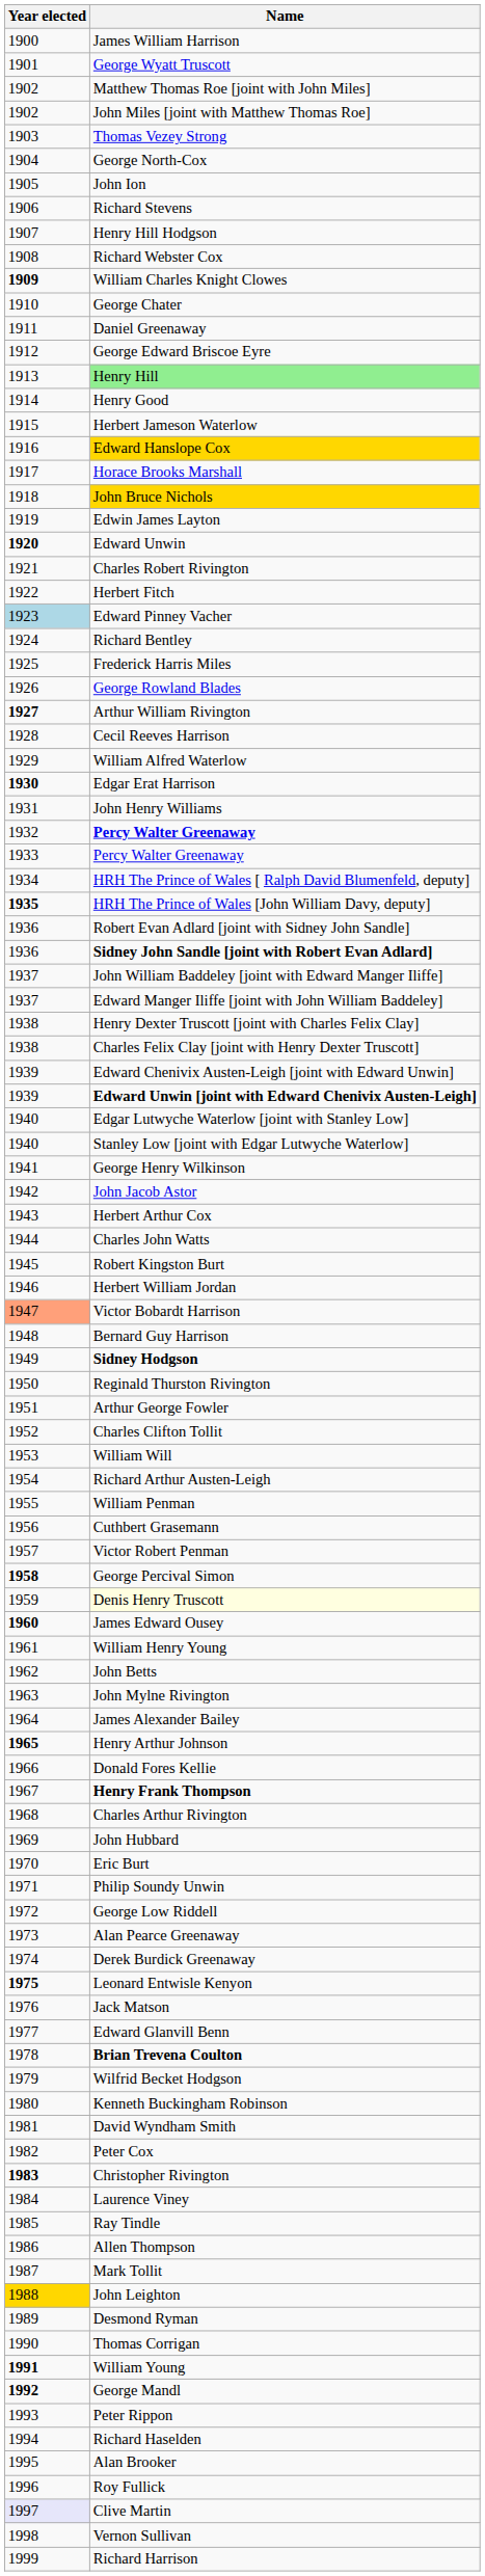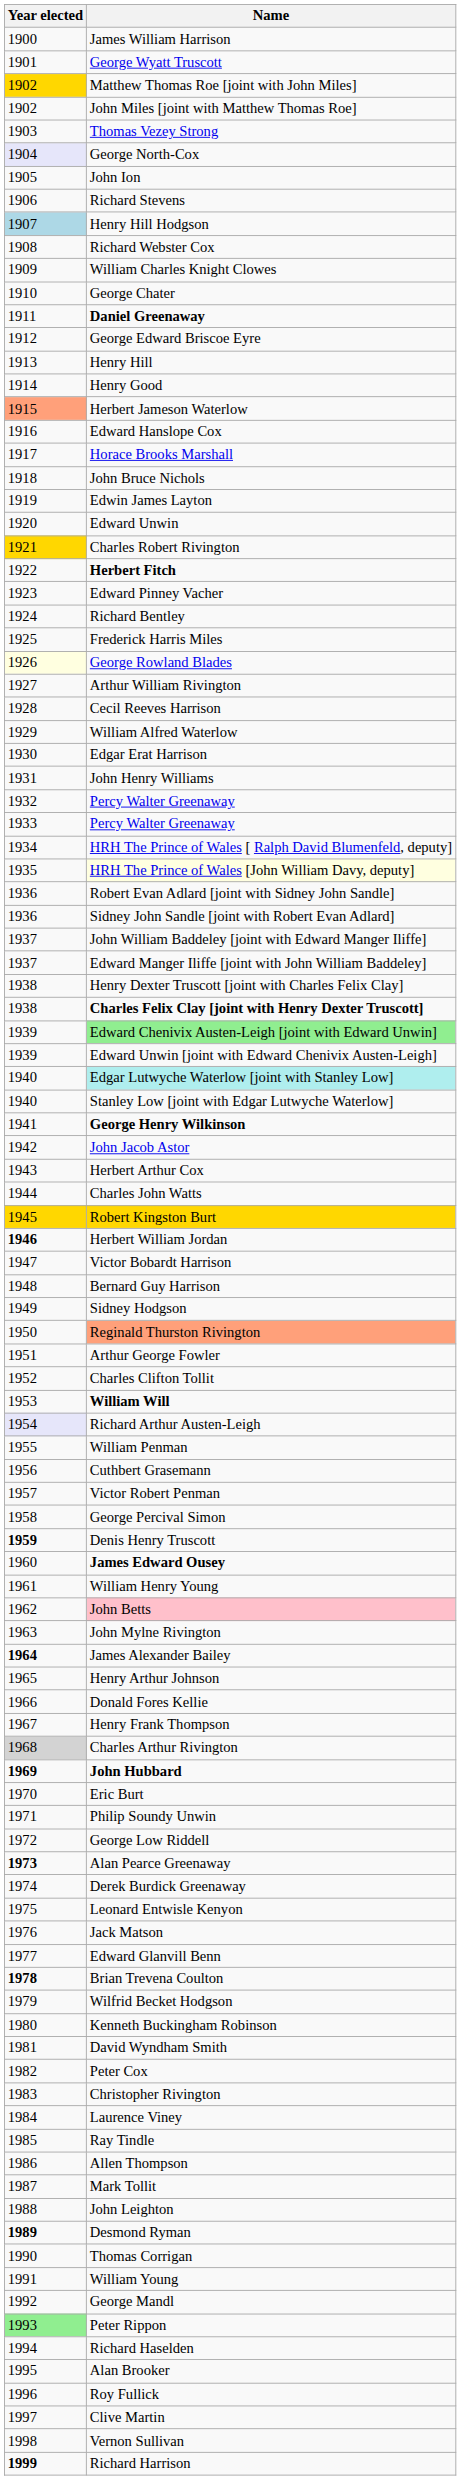 <table class="wikitable sortable">
 <tr>
 <th>Year elected</th>
 <th>Name</th>
 </tr>
 <tr>
 <td>1900</td>
 <td>James William Harrison</td>
 </tr>
 <tr>
 <td>1901</td>
 <td><a href='#'>George Wyatt Truscott</a></td>
 </tr>
 <tr>
-<td>1902</td>
+<td style="background: gold;">1902</td>
 <td>Matthew Thomas Roe [joint with John Miles]</td>
 </tr>
 <tr>
 <td>1902</td>
 <td>John Miles [joint with Matthew Thomas Roe]</td>
 </tr>
 <tr>
 <td>1903</td>
 <td><a href='#'>Thomas Vezey Strong</a></td>
 </tr>
 <tr>
-<td>1904</td>
+<td style="background: lavender;">1904</td>
 <td>George North-Cox</td>
 </tr>
 <tr>
 <td>1905</td>
 <td>John Ion</td>
 </tr>
 <tr>
 <td>1906</td>
 <td>Richard Stevens</td>
 </tr>
 <tr>
-<td>1907</td>
+<td style="background: lightblue;">1907</td>
 <td>Henry Hill Hodgson</td>
 </tr>
 <tr>
 <td>1908</td>
 <td>Richard Webster Cox</td>
 </tr>
 <tr>
-<td><strong>1909</strong></td>
+<td>1909</td>
 <td>William Charles Knight Clowes</td>
 </tr>
 <tr>
 <td>1910</td>
 <td>George Chater</td>
 </tr>
 <tr>
 <td>1911</td>
-<td>Daniel Greenaway</td>
+<td><strong>Daniel Greenaway</strong></td>
 </tr>
 <tr>
 <td>1912</td>
 <td>George Edward Briscoe Eyre</td>
 </tr>
 <tr>
 <td>1913</td>
-<td style="background: lightgreen;">Henry Hill</td>
+<td>Henry Hill</td>
 </tr>
 <tr>
 <td>1914</td>
 <td>Henry Good</td>
 </tr>
 <tr>
-<td>1915</td>
+<td style="background: lightsalmon;">1915</td>
 <td>Herbert Jameson Waterlow</td>
 </tr>
 <tr>
 <td>1916</td>
-<td style="background: gold;">Edward Hanslope Cox</td>
+<td>Edward Hanslope Cox</td>
 </tr>
 <tr>
 <td>1917</td>
 <td><a href='#'>Horace Brooks Marshall</a></td>
 </tr>
 <tr>
 <td>1918</td>
-<td style="background: gold;">John Bruce Nichols</td>
+<td>John Bruce Nichols</td>
 </tr>
 <tr>
 <td>1919</td>
 <td>Edwin James Layton</td>
 </tr>
 <tr>
-<td><strong>1920</strong></td>
+<td>1920</td>
 <td>Edward Unwin</td>
 </tr>
 <tr>
-<td>1921</td>
+<td style="background: gold;">1921</td>
 <td>Charles Robert Rivington</td>
 </tr>
 <tr>
 <td>1922</td>
-<td>Herbert Fitch</td>
+<td><strong>Herbert Fitch</strong></td>
 </tr>
 <tr>
-<td style="background: lightblue;">1923</td>
+<td>1923</td>
 <td>Edward Pinney Vacher</td>
 </tr>
 <tr>
 <td>1924</td>
 <td>Richard Bentley</td>
 </tr>
 <tr>
 <td>1925</td>
 <td>Frederick Harris Miles</td>
 </tr>
 <tr>
-<td>1926</td>
+<td style="background: lightyellow;">1926</td>
 <td><a href='#'>George Rowland Blades</a></td>
 </tr>
 <tr>
-<td><strong>1927</strong></td>
+<td>1927</td>
 <td>Arthur William Rivington</td>
 </tr>
 <tr>
 <td>1928</td>
 <td>Cecil Reeves Harrison</td>
 </tr>
 <tr>
 <td>1929</td>
 <td>William Alfred Waterlow</td>
 </tr>
 <tr>
-<td><strong>1930</strong></td>
+<td>1930</td>
 <td>Edgar Erat Harrison</td>
 </tr>
 <tr>
 <td>1931</td>
 <td>John Henry Williams</td>
 </tr>
 <tr>
 <td>1932</td>
-<td><strong><a href='#'>Percy Walter Greenaway</a></strong></td>
+<td><a href='#'>Percy Walter Greenaway</a></td>
 </tr>
 <tr>
 <td>1933</td>
 <td><a href='#'>Percy Walter Greenaway</a></td>
 </tr>
 <tr>
 <td>1934</td>
 <td><a href='#'>HRH The Prince of Wales</a> [ <a href='#'>Ralph David Blumenfeld</a>, deputy]</td>
 </tr>
 <tr>
-<td><strong>1935</strong></td>
-<td><a href='#'>HRH The Prince of Wales</a> [John William Davy, deputy]</td>
+<td>1935</td>
+<td style="background: lightyellow;"><a href='#'>HRH The Prince of Wales</a> [John William Davy, deputy]</td>
 </tr>
 <tr>
 <td>1936</td>
 <td>Robert Evan Adlard [joint with Sidney John Sandle]</td>
 </tr>
 <tr>
 <td>1936</td>
-<td><strong>Sidney John Sandle [joint with Robert Evan Adlard]</strong></td>
+<td>Sidney John Sandle [joint with Robert Evan Adlard]</td>
 </tr>
 <tr>
 <td>1937</td>
 <td>John William Baddeley [joint with Edward Manger Iliffe]</td>
 </tr>
 <tr>
 <td>1937</td>
 <td>Edward Manger Iliffe [joint with John William Baddeley]</td>
 </tr>
 <tr>
 <td>1938</td>
 <td>Henry Dexter Truscott [joint with Charles Felix Clay]</td>
 </tr>
 <tr>
 <td>1938</td>
-<td>Charles Felix Clay [joint with Henry Dexter Truscott]</td>
+<td><strong>Charles Felix Clay [joint with Henry Dexter Truscott]</strong></td>
 </tr>
 <tr>
 <td>1939</td>
-<td>Edward Chenivix Austen-Leigh [joint with Edward Unwin]</td>
+<td style="background: lightgreen;">Edward Chenivix Austen-Leigh [joint with Edward Unwin]</td>
 </tr>
 <tr>
 <td>1939</td>
-<td><strong>Edward Unwin [joint with Edward Chenivix Austen-Leigh]</strong></td>
+<td>Edward Unwin [joint with Edward Chenivix Austen-Leigh]</td>
 </tr>
 <tr>
 <td>1940</td>
-<td>Edgar Lutwyche Waterlow [joint with Stanley Low]</td>
+<td style="background: paleturquoise;">Edgar Lutwyche Waterlow [joint with Stanley Low]</td>
 </tr>
 <tr>
 <td>1940</td>
 <td>Stanley Low [joint with Edgar Lutwyche Waterlow]</td>
 </tr>
 <tr>
 <td>1941</td>
-<td>George Henry Wilkinson</td>
+<td><strong>George Henry Wilkinson</strong></td>
 </tr>
 <tr>
 <td>1942</td>
 <td><a href='#'>John Jacob Astor</a></td>
 </tr>
 <tr>
 <td>1943</td>
 <td>Herbert Arthur Cox</td>
 </tr>
 <tr>
 <td>1944</td>
 <td>Charles John Watts</td>
 </tr>
 <tr>
-<td>1945</td>
-<td>Robert Kingston Burt</td>
+<td style="background: gold;">1945</td>
+<td style="background: gold;">Robert Kingston Burt</td>
 </tr>
 <tr>
-<td>1946</td>
+<td><strong>1946</strong></td>
 <td>Herbert William Jordan</td>
 </tr>
 <tr>
-<td style="background: lightsalmon;">1947</td>
+<td>1947</td>
 <td>Victor Bobardt Harrison</td>
 </tr>
 <tr>
 <td>1948</td>
 <td>Bernard Guy Harrison</td>
 </tr>
 <tr>
 <td>1949</td>
-<td><strong>Sidney Hodgson</strong></td>
+<td>Sidney Hodgson</td>
 </tr>
 <tr>
 <td>1950</td>
-<td>Reginald Thurston Rivington</td>
+<td style="background: lightsalmon;">Reginald Thurston Rivington</td>
 </tr>
 <tr>
 <td>1951</td>
 <td>Arthur George Fowler</td>
 </tr>
 <tr>
 <td>1952</td>
 <td>Charles Clifton Tollit</td>
 </tr>
 <tr>
 <td>1953</td>
-<td>William Will</td>
+<td><strong>William Will</strong></td>
 </tr>
 <tr>
-<td>1954</td>
+<td style="background: lavender;">1954</td>
 <td>Richard Arthur Austen-Leigh</td>
 </tr>
 <tr>
 <td>1955</td>
 <td>William Penman</td>
 </tr>
 <tr>
 <td>1956</td>
 <td>Cuthbert Grasemann</td>
 </tr>
 <tr>
 <td>1957</td>
 <td>Victor Robert Penman</td>
 </tr>
 <tr>
-<td><strong>1958</strong></td>
+<td>1958</td>
 <td>George Percival Simon</td>
 </tr>
 <tr>
-<td>1959</td>
-<td style="background: lightyellow;">Denis Henry Truscott</td>
+<td><strong>1959</strong></td>
+<td>Denis Henry Truscott</td>
 </tr>
 <tr>
-<td><strong>1960</strong></td>
-<td>James Edward Ousey</td>
+<td>1960</td>
+<td><strong>James Edward Ousey</strong></td>
 </tr>
 <tr>
 <td>1961</td>
 <td>William Henry Young</td>
 </tr>
 <tr>
 <td>1962</td>
-<td>John Betts</td>
+<td style="background: pink;">John Betts</td>
 </tr>
 <tr>
 <td>1963</td>
 <td>John Mylne Rivington</td>
 </tr>
 <tr>
-<td>1964</td>
+<td><strong>1964</strong></td>
 <td>James Alexander Bailey</td>
 </tr>
 <tr>
-<td><strong>1965</strong></td>
+<td>1965</td>
 <td>Henry Arthur Johnson</td>
 </tr>
 <tr>
 <td>1966</td>
 <td>Donald Fores Kellie</td>
 </tr>
 <tr>
 <td>1967</td>
-<td><strong>Henry Frank Thompson</strong></td>
+<td>Henry Frank Thompson</td>
 </tr>
 <tr>
-<td>1968</td>
+<td style="background: lightgrey;">1968</td>
 <td>Charles Arthur Rivington</td>
 </tr>
 <tr>
-<td>1969</td>
-<td>John Hubbard</td>
+<td><strong>1969</strong></td>
+<td><strong>John Hubbard</strong></td>
 </tr>
 <tr>
 <td>1970</td>
 <td>Eric Burt</td>
 </tr>
 <tr>
 <td>1971</td>
 <td>Philip Soundy Unwin</td>
 </tr>
 <tr>
 <td>1972</td>
 <td>George Low Riddell</td>
 </tr>
 <tr>
-<td>1973</td>
+<td><strong>1973</strong></td>
 <td>Alan Pearce Greenaway</td>
 </tr>
 <tr>
 <td>1974</td>
 <td>Derek Burdick Greenaway</td>
 </tr>
 <tr>
-<td><strong>1975</strong></td>
+<td>1975</td>
 <td>Leonard Entwisle Kenyon</td>
 </tr>
 <tr>
 <td>1976</td>
 <td>Jack Matson</td>
 </tr>
 <tr>
 <td>1977</td>
 <td>Edward Glanvill Benn</td>
 </tr>
 <tr>
-<td>1978</td>
-<td><strong>Brian Trevena Coulton</strong></td>
+<td><strong>1978</strong></td>
+<td>Brian Trevena Coulton</td>
 </tr>
 <tr>
 <td>1979</td>
 <td>Wilfrid Becket Hodgson</td>
 </tr>
 <tr>
 <td>1980</td>
 <td>Kenneth Buckingham Robinson</td>
 </tr>
 <tr>
 <td>1981</td>
 <td>David Wyndham Smith</td>
 </tr>
 <tr>
 <td>1982</td>
 <td>Peter Cox</td>
 </tr>
 <tr>
-<td><strong>1983</strong></td>
+<td>1983</td>
 <td>Christopher Rivington</td>
 </tr>
 <tr>
 <td>1984</td>
 <td>Laurence Viney</td>
 </tr>
 <tr>
 <td>1985</td>
 <td>Ray Tindle</td>
 </tr>
 <tr>
 <td>1986</td>
 <td>Allen Thompson</td>
 </tr>
 <tr>
 <td>1987</td>
 <td>Mark Tollit</td>
 </tr>
 <tr>
-<td style="background: gold;">1988</td>
+<td>1988</td>
 <td>John Leighton</td>
 </tr>
 <tr>
-<td>1989</td>
+<td><strong>1989</strong></td>
 <td>Desmond Ryman</td>
 </tr>
 <tr>
 <td>1990</td>
 <td>Thomas Corrigan</td>
 </tr>
 <tr>
-<td><strong>1991</strong></td>
+<td>1991</td>
 <td>William Young</td>
 </tr>
 <tr>
-<td><strong>1992</strong></td>
+<td>1992</td>
 <td>George Mandl</td>
 </tr>
 <tr>
-<td>1993</td>
+<td style="background: lightgreen;">1993</td>
 <td>Peter Rippon</td>
 </tr>
 <tr>
 <td>1994</td>
 <td>Richard Haselden</td>
 </tr>
 <tr>
 <td>1995</td>
 <td>Alan Brooker</td>
 </tr>
 <tr>
 <td>1996</td>
 <td>Roy Fullick</td>
 </tr>
 <tr>
-<td style="background: lavender;">1997</td>
+<td>1997</td>
 <td>Clive Martin</td>
 </tr>
 <tr>
 <td>1998</td>
 <td>Vernon Sullivan</td>
 </tr>
 <tr>
-<td>1999</td>
+<td><strong>1999</strong></td>
 <td>Richard Harrison</td>
 </tr>
 </table>
